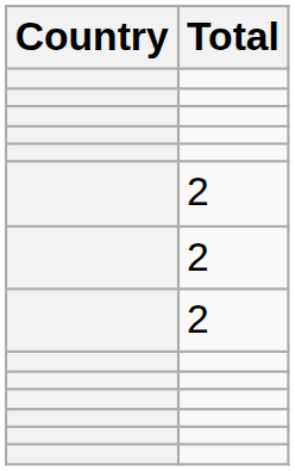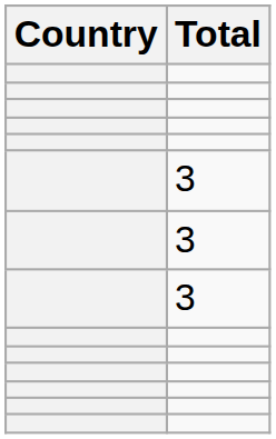 <table class="wikitable">
 <tr>
 <th>Country</th>
 <th>Total</th>
 </tr>
 <tr>
 <th align="left"></th>
 <td></td>
 </tr>
 <tr>
 <th align="left"></th>
 <td></td>
 </tr>
 <tr>
 <th align="left"></th>
 <td></td>
 </tr>
 <tr>
 <th align="left"></th>
 <td></td>
 </tr>
 <tr>
 <th align="left"></th>
 <td></td>
 </tr>
 <tr>
 <th align="left"></th>
-<td>2</td>
+<td>3</td>
 </tr>
 <tr>
 <th align="left"></th>
-<td>2</td>
+<td>3</td>
 </tr>
 <tr>
 <th align="left"></th>
-<td>2</td>
+<td>3</td>
 </tr>
 <tr>
 <th align="left"></th>
 <td></td>
 </tr>
 <tr>
 <th align="left"></th>
 <td></td>
 </tr>
 <tr>
 <th align="left"></th>
 <td></td>
 </tr>
 <tr>
 <th align="left"></th>
 <td></td>
 </tr>
 <tr>
 <th align="left"></th>
 <td></td>
 </tr>
 <tr>
 <th align="left"></th>
 <td></td>
 </tr>
 </table>
